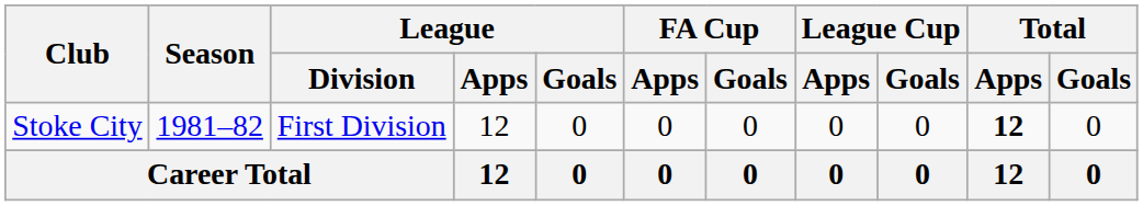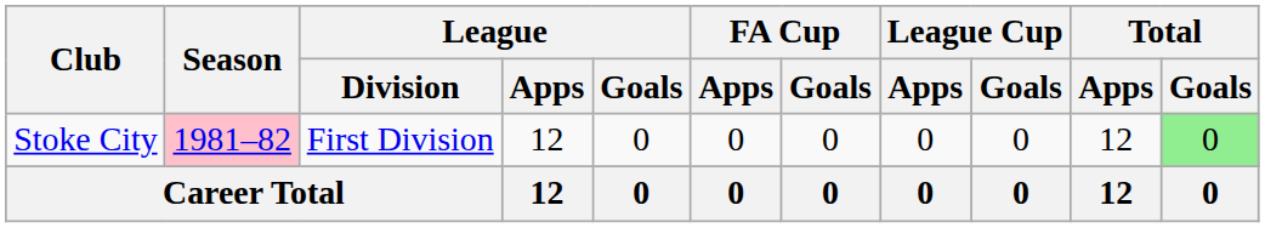 <table class="wikitable" style="text-align: center;">
 <tr>
 <th rowspan="2">Club</th>
 <th rowspan="2">Season</th>
 <th colspan="3">League</th>
 <th colspan="2">FA Cup</th>
 <th colspan="2">League Cup</th>
 <th colspan="2">Total</th>
 </tr>
 <tr>
 <th>Division</th>
 <th>Apps</th>
 <th>Goals</th>
 <th>Apps</th>
 <th>Goals</th>
 <th>Apps</th>
 <th>Goals</th>
 <th>Apps</th>
 <th>Goals</th>
 </tr>
 <tr>
 <td><a href='#'>Stoke City</a></td>
-<td><a href='#'>1981–82</a></td>
+<td style="background: pink;"><a href='#'>1981–82</a></td>
 <td><a href='#'>First Division</a></td>
 <td>12</td>
 <td>0</td>
 <td>0</td>
 <td>0</td>
 <td>0</td>
 <td>0</td>
-<td><strong>12</strong></td>
-<td>0</td>
+<td>12</td>
+<td style="background: lightgreen;">0</td>
 </tr>
 <tr>
 <th colspan="3">Career Total</th>
 <th>12</th>
 <th>0</th>
 <th>0</th>
 <th>0</th>
 <th>0</th>
 <th>0</th>
 <th>12</th>
 <th>0</th>
 </tr>
 </table>
